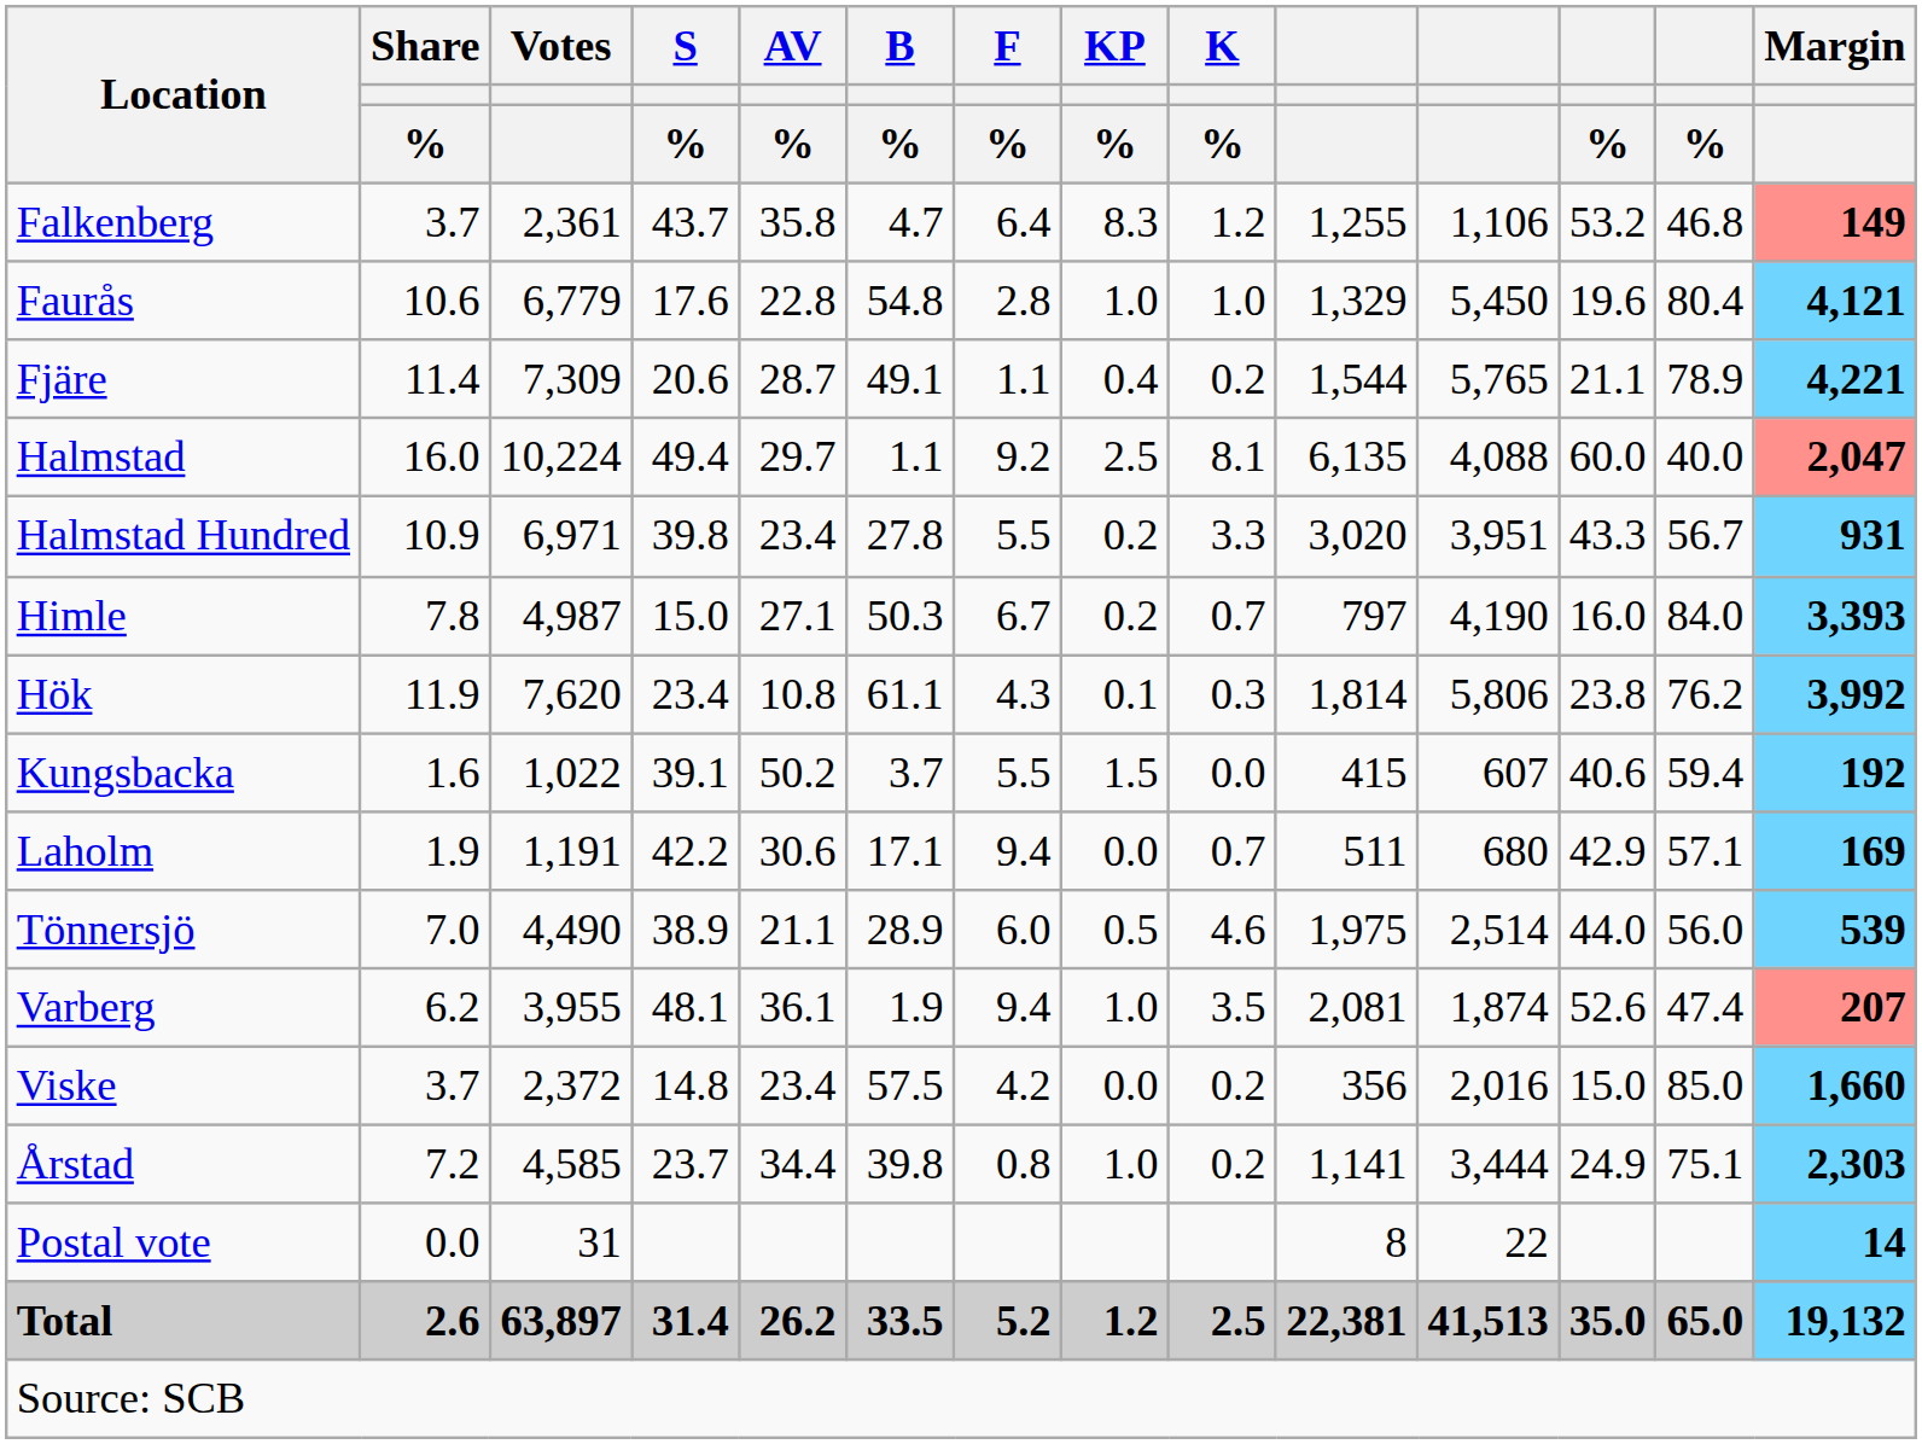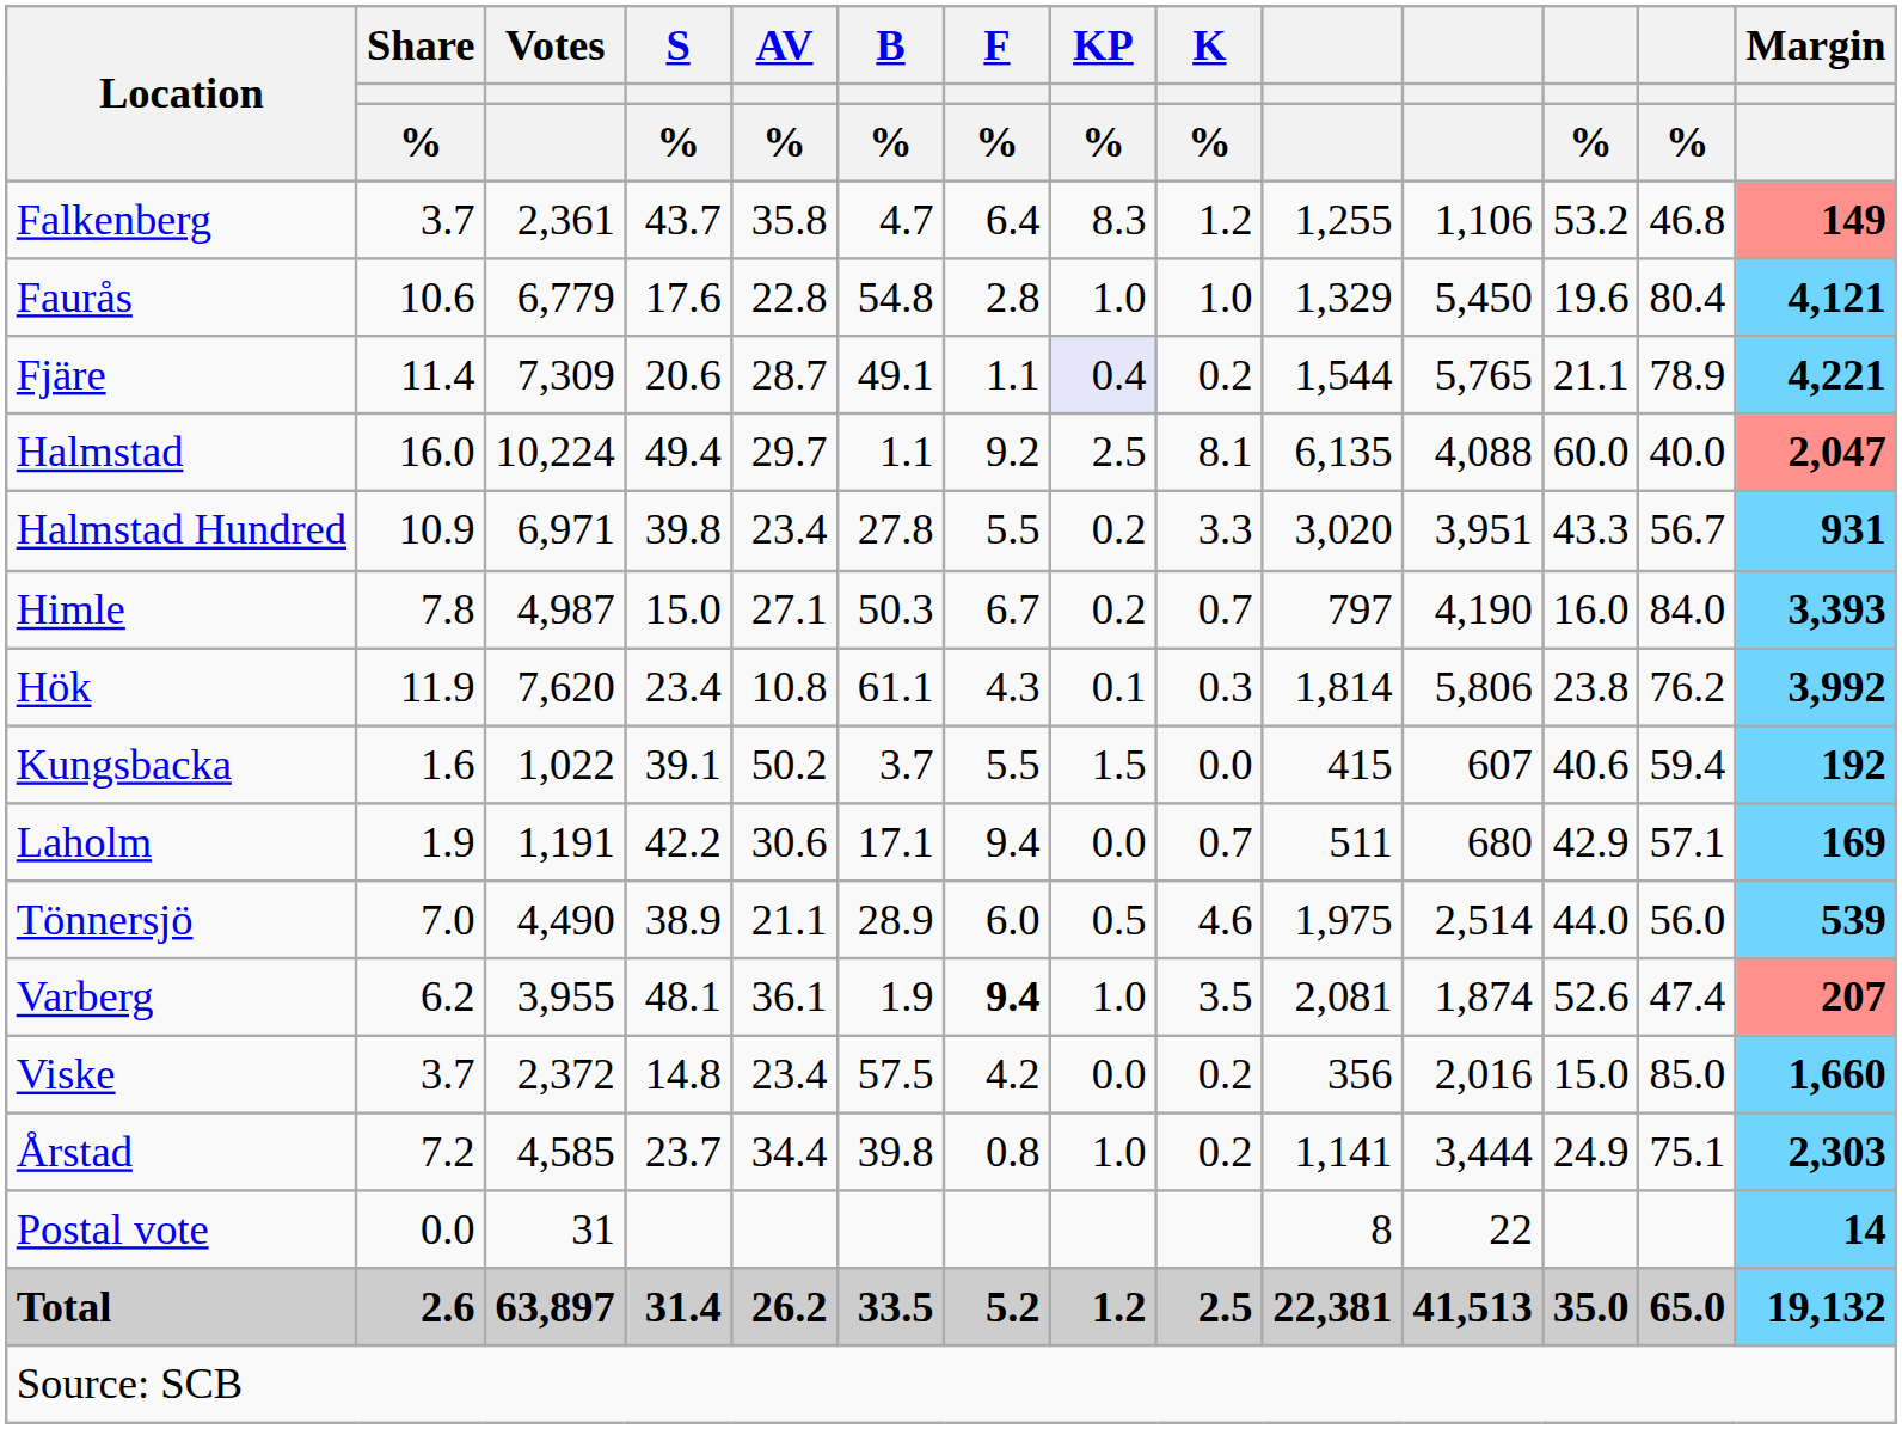 <table class="wikitable sortable" style="text-align:right; font-size:95%; line-height:20px;">
 <tr>
 <th rowspan="3">Location</th>
 <th>Share</th>
 <th>Votes</th>
 <th width="30px" class="unsortable"><a href='#'>S</a></th>
 <th width="30px" class="unsortable"><a href='#'>AV</a></th>
 <th width="30px" class="unsortable"><a href='#'>B</a></th>
 <th width="30px" class="unsortable"><a href='#'>F</a></th>
 <th width="30px" class="unsortable"><a href='#'>KP</a></th>
 <th width="30px" class="unsortable"><a href='#'>K</a></th>
 <th></th>
 <th></th>
 <th></th>
 <th></th>
 <th>Margin</th>
 </tr>
 <tr>
 <th></th>
 <th></th>
 <th style="background:"></th>
 <th style="background:"></th>
 <th style="background:"></th>
 <th style="background:"></th>
 <th style="background:"></th>
 <th style="background:"></th>
 <th style="background:"></th>
 <th style="background:"></th>
 <th style="background:"></th>
 <th style="background:"></th>
 <th></th>
 </tr>
 <tr>
 <th data-sort-type="number">%</th>
 <th></th>
 <th data-sort-type="number">%</th>
 <th data-sort-type="number">%</th>
 <th data-sort-type="number">%</th>
 <th data-sort-type="number">%</th>
 <th data-sort-type="number">%</th>
 <th data-sort-type="number">%</th>
 <th></th>
 <th></th>
 <th data-sort-type="number">%</th>
 <th data-sort-type="number">%</th>
 <th></th>
 </tr>
 <tr>
 <td align=left><a href='#'>Falkenberg</a></td>
 <td>3.7</td>
 <td>2,361</td>
 <td>43.7</td>
 <td>35.8</td>
 <td>4.7</td>
 <td>6.4</td>
 <td>8.3</td>
 <td>1.2</td>
 <td>1,255</td>
 <td>1,106</td>
 <td>53.2</td>
 <td>46.8</td>
 <td bgcolor=#ff908c><strong>149</strong></td>
 </tr>
 <tr>
 <td align=left><a href='#'>Faurås</a></td>
 <td>10.6</td>
 <td>6,779</td>
 <td>17.6</td>
 <td>22.8</td>
 <td>54.8</td>
 <td>2.8</td>
 <td>1.0</td>
 <td>1.0</td>
 <td>1,329</td>
 <td>5,450</td>
 <td>19.6</td>
 <td>80.4</td>
 <td bgcolor=#6fd5fe><strong>4,121</strong></td>
 </tr>
 <tr>
 <td align=left><a href='#'>Fjäre</a></td>
 <td>11.4</td>
 <td>7,309</td>
 <td>20.6</td>
 <td>28.7</td>
 <td>49.1</td>
 <td>1.1</td>
-<td>0.4</td>
+<td style="background: lavender;">0.4</td>
 <td>0.2</td>
 <td>1,544</td>
 <td>5,765</td>
 <td>21.1</td>
 <td>78.9</td>
 <td bgcolor=#6fd5fe><strong>4,221</strong></td>
 </tr>
 <tr>
 <td align=left><a href='#'>Halmstad</a></td>
 <td>16.0</td>
 <td>10,224</td>
 <td>49.4</td>
 <td>29.7</td>
 <td>1.1</td>
 <td>9.2</td>
 <td>2.5</td>
 <td>8.1</td>
 <td>6,135</td>
 <td>4,088</td>
 <td>60.0</td>
 <td>40.0</td>
 <td bgcolor=#ff908c><strong>2,047</strong></td>
 </tr>
 <tr>
 <td align=left><a href='#'>Halmstad Hundred</a></td>
 <td>10.9</td>
 <td>6,971</td>
 <td>39.8</td>
 <td>23.4</td>
 <td>27.8</td>
 <td>5.5</td>
 <td>0.2</td>
 <td>3.3</td>
 <td>3,020</td>
 <td>3,951</td>
 <td>43.3</td>
 <td>56.7</td>
 <td bgcolor=#6fd5fe><strong>931</strong></td>
 </tr>
 <tr>
 <td align=left><a href='#'>Himle</a></td>
 <td>7.8</td>
 <td>4,987</td>
 <td>15.0</td>
 <td>27.1</td>
 <td>50.3</td>
 <td>6.7</td>
 <td>0.2</td>
 <td>0.7</td>
 <td>797</td>
 <td>4,190</td>
 <td>16.0</td>
 <td>84.0</td>
 <td bgcolor=#6fd5fe><strong>3,393</strong></td>
 </tr>
 <tr>
 <td align=left><a href='#'>Hök</a></td>
 <td>11.9</td>
 <td>7,620</td>
 <td>23.4</td>
 <td>10.8</td>
 <td>61.1</td>
 <td>4.3</td>
 <td>0.1</td>
 <td>0.3</td>
 <td>1,814</td>
 <td>5,806</td>
 <td>23.8</td>
 <td>76.2</td>
 <td bgcolor=#6fd5fe><strong>3,992</strong></td>
 </tr>
 <tr>
 <td align=left><a href='#'>Kungsbacka</a></td>
 <td>1.6</td>
 <td>1,022</td>
 <td>39.1</td>
 <td>50.2</td>
 <td>3.7</td>
 <td>5.5</td>
 <td>1.5</td>
 <td>0.0</td>
 <td>415</td>
 <td>607</td>
 <td>40.6</td>
 <td>59.4</td>
 <td bgcolor=#6fd5fe><strong>192</strong></td>
 </tr>
 <tr>
 <td align=left><a href='#'>Laholm</a></td>
 <td>1.9</td>
 <td>1,191</td>
 <td>42.2</td>
 <td>30.6</td>
 <td>17.1</td>
 <td>9.4</td>
 <td>0.0</td>
 <td>0.7</td>
 <td>511</td>
 <td>680</td>
 <td>42.9</td>
 <td>57.1</td>
 <td bgcolor=#6fd5fe><strong>169</strong></td>
 </tr>
 <tr>
 <td align=left><a href='#'>Tönnersjö</a></td>
 <td>7.0</td>
 <td>4,490</td>
 <td>38.9</td>
 <td>21.1</td>
 <td>28.9</td>
 <td>6.0</td>
 <td>0.5</td>
 <td>4.6</td>
 <td>1,975</td>
 <td>2,514</td>
 <td>44.0</td>
 <td>56.0</td>
 <td bgcolor=#6fd5fe><strong>539</strong></td>
 </tr>
 <tr>
 <td align=left><a href='#'>Varberg</a></td>
 <td>6.2</td>
 <td>3,955</td>
 <td>48.1</td>
 <td>36.1</td>
 <td>1.9</td>
-<td>9.4</td>
+<td><strong>9.4</strong></td>
 <td>1.0</td>
 <td>3.5</td>
 <td>2,081</td>
 <td>1,874</td>
 <td>52.6</td>
 <td>47.4</td>
 <td bgcolor=#ff908c><strong>207</strong></td>
 </tr>
 <tr>
 <td align=left><a href='#'>Viske</a></td>
 <td>3.7</td>
 <td>2,372</td>
 <td>14.8</td>
 <td>23.4</td>
 <td>57.5</td>
 <td>4.2</td>
 <td>0.0</td>
 <td>0.2</td>
 <td>356</td>
 <td>2,016</td>
 <td>15.0</td>
 <td>85.0</td>
 <td bgcolor=#6fd5fe><strong>1,660</strong></td>
 </tr>
 <tr>
 <td align=left><a href='#'>Årstad</a></td>
 <td>7.2</td>
 <td>4,585</td>
 <td>23.7</td>
 <td>34.4</td>
 <td>39.8</td>
 <td>0.8</td>
 <td>1.0</td>
 <td>0.2</td>
 <td>1,141</td>
 <td>3,444</td>
 <td>24.9</td>
 <td>75.1</td>
 <td bgcolor=#6fd5fe><strong>2,303</strong></td>
 </tr>
 <tr>
 <td align=left><a href='#'>Postal vote</a></td>
 <td>0.0</td>
 <td>31</td>
 <td></td>
 <td></td>
 <td></td>
 <td></td>
 <td></td>
 <td></td>
 <td>8</td>
 <td>22</td>
 <td></td>
 <td></td>
 <td bgcolor=#6fd5fe><strong>14</strong></td>
 </tr>
 <tr>
 </tr>
 <tr style="background:#CDCDCD;">
 <td align=left><strong>Total</strong></td>
 <td><strong>2.6</strong></td>
 <td><strong>63,897</strong></td>
 <td><strong>31.4</strong></td>
 <td><strong>26.2</strong></td>
 <td><strong>33.5</strong></td>
 <td><strong>5.2</strong></td>
 <td><strong>1.2</strong></td>
 <td><strong>2.5</strong></td>
 <td><strong>22,381</strong></td>
 <td><strong>41,513</strong></td>
 <td><strong>35.0</strong></td>
 <td><strong>65.0</strong></td>
 <td bgcolor=#6fd5fe><strong>19,132</strong></td>
 </tr>
 <tr>
 <td align=left colspan=14>Source: SCB </td>
 </tr>
 </table>
